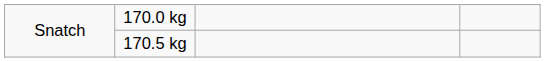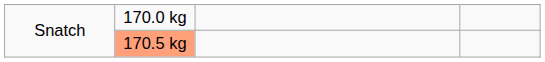 <table class = "wikitable" style="text-align:center;">
 <tr>
 <td width=100 rowspan=2>Snatch</td>
 <td width=70>170.0 kg</td>
 <td width=250 align=left></td>
 <td width=70></td>
 </tr>
 <tr>
-<td>170.5 kg</td>
+<td style="background: lightsalmon;">170.5 kg</td>
 <td align=left></td>
 <td></td>
 </tr>
 </table>
